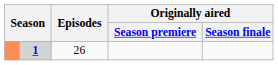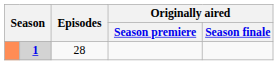 <table class="wikitable" style="text-align: center;">
 <tr>
 <th style="padding: 0 8px;" colspan="2" rowspan="2">Season</th>
 <th style="padding: 0 8px;" rowspan="2">Episodes</th>
 <th colspan="2">Originally aired</th>
 </tr>
 <tr>
 <th style="padding: 0px 8px;"><a href='#'>Season premiere</a></th>
 <th><a href='#'>Season finale</a></th>
 </tr>
 <tr>
 <td style="background: #FF8C55;"></td>
 <td style="background: lightgrey;"><strong><a href='#'>1</a></strong></td>
-<td>26</td>
+<td>28</td>
 <td></td>
 <td></td>
 </tr>
 </table>
